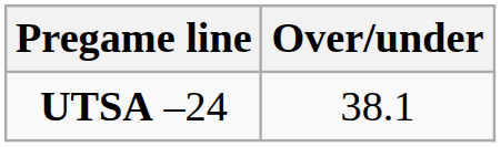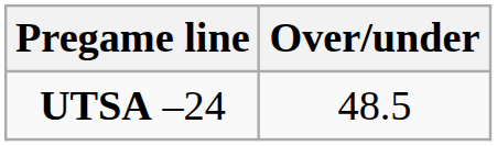 <table class="wikitable">
 <tr align="center">
 <th>Pregame line</th>
 <th>Over/under</th>
 </tr>
 <tr align="center">
 <td><strong>UTSA</strong> –24</td>
-<td>38.1</td>
+<td>48.5</td>
 </tr>
 </table>
